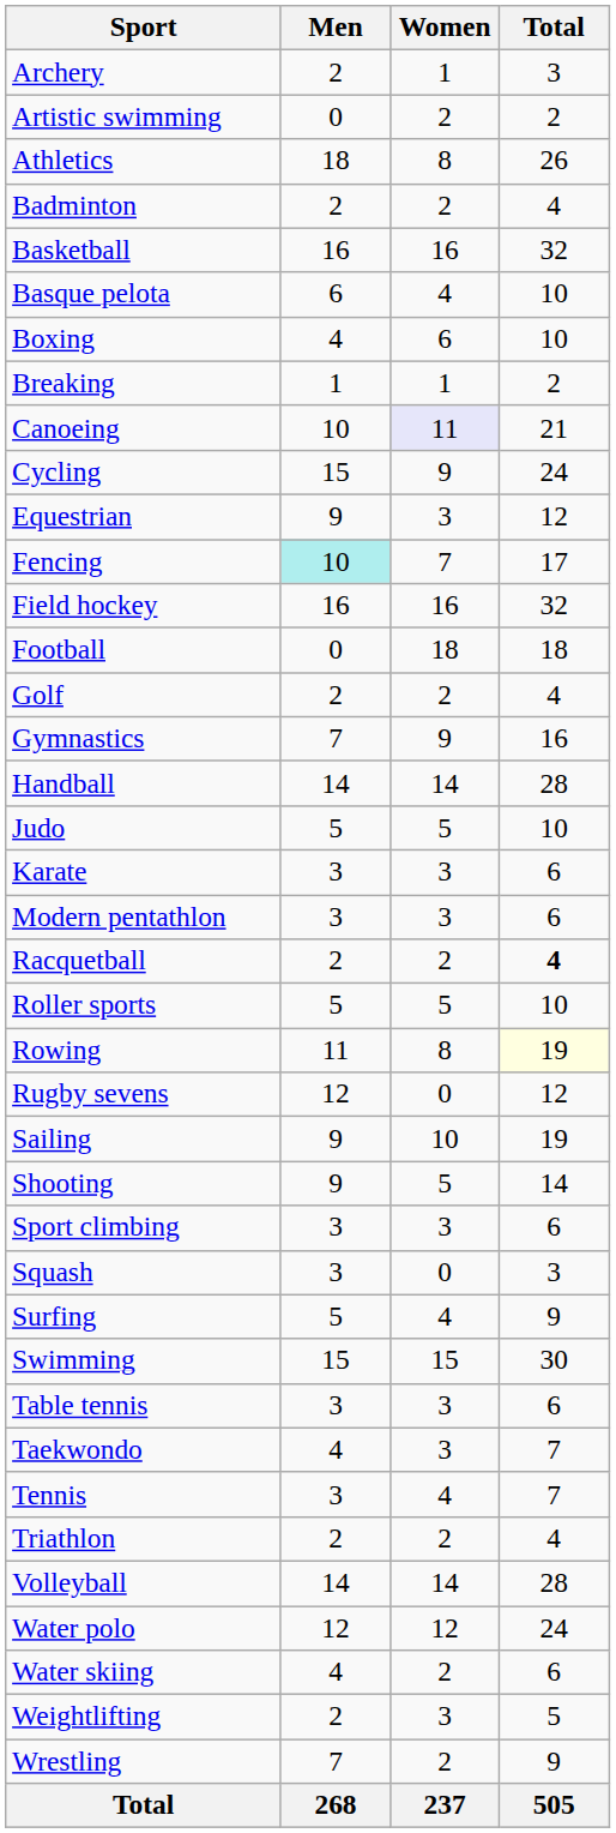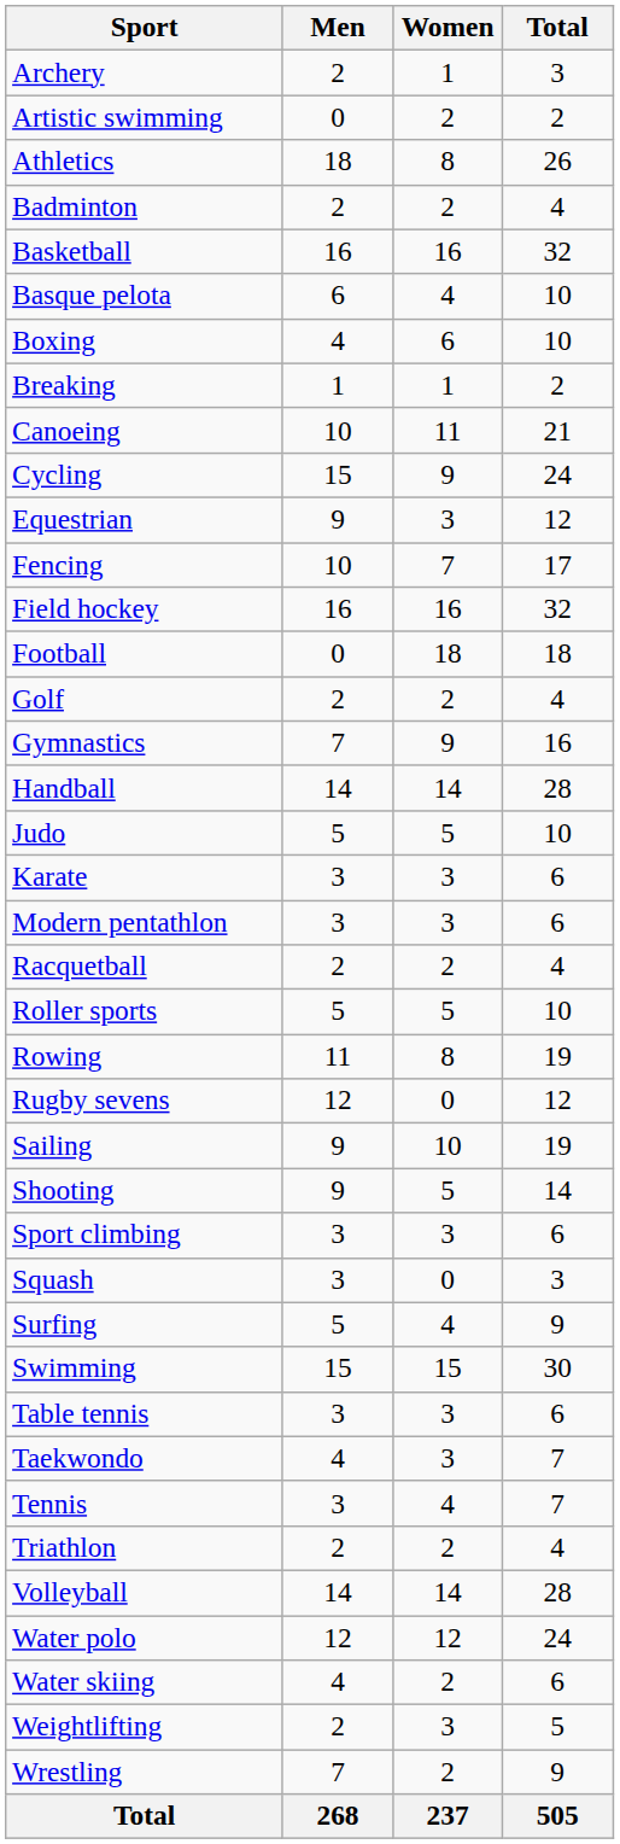 <table class="wikitable sortable" style="text-align:center;">
 <tr>
 <th width=150>Sport</th>
 <th width=55>Men</th>
 <th width=55>Women</th>
 <th width=55>Total</th>
 </tr>
 <tr>
 <td align=left><a href='#'>Archery</a></td>
 <td>2</td>
 <td>1</td>
 <td>3</td>
 </tr>
 <tr>
 <td align=left><a href='#'>Artistic swimming</a></td>
 <td>0</td>
 <td>2</td>
 <td>2</td>
 </tr>
 <tr>
 <td align=left><a href='#'>Athletics</a></td>
 <td>18</td>
 <td>8</td>
 <td>26</td>
 </tr>
 <tr>
 <td align=left><a href='#'>Badminton</a></td>
 <td>2</td>
 <td>2</td>
 <td>4</td>
 </tr>
 <tr>
 <td align=left><a href='#'>Basketball</a></td>
 <td>16</td>
 <td>16</td>
 <td>32</td>
 </tr>
 <tr>
 <td align=left><a href='#'>Basque pelota</a></td>
 <td>6</td>
 <td>4</td>
 <td>10</td>
 </tr>
 <tr>
 <td align=left><a href='#'>Boxing</a></td>
 <td>4</td>
 <td>6</td>
 <td>10</td>
 </tr>
 <tr>
 <td align=left><a href='#'>Breaking</a></td>
 <td>1</td>
 <td>1</td>
 <td>2</td>
 </tr>
 <tr>
 <td align=left><a href='#'>Canoeing</a></td>
 <td>10</td>
-<td style="background: lavender;">11</td>
+<td>11</td>
 <td>21</td>
 </tr>
 <tr>
 <td align=left><a href='#'>Cycling</a></td>
 <td>15</td>
 <td>9</td>
 <td>24</td>
 </tr>
 <tr>
 <td align=left><a href='#'>Equestrian</a></td>
 <td>9</td>
 <td>3</td>
 <td>12</td>
 </tr>
 <tr>
 <td align=left><a href='#'>Fencing</a></td>
-<td style="background: paleturquoise;">10</td>
+<td>10</td>
 <td>7</td>
 <td>17</td>
 </tr>
 <tr>
 <td align=left><a href='#'>Field hockey</a></td>
 <td>16</td>
 <td>16</td>
 <td>32</td>
 </tr>
 <tr>
 <td align=left><a href='#'>Football</a></td>
 <td>0</td>
 <td>18</td>
 <td>18</td>
 </tr>
 <tr>
 <td align=left><a href='#'>Golf</a></td>
 <td>2</td>
 <td>2</td>
 <td>4</td>
 </tr>
 <tr>
 <td align=left><a href='#'>Gymnastics</a></td>
 <td>7</td>
 <td>9</td>
 <td>16</td>
 </tr>
 <tr>
 <td align=left><a href='#'>Handball</a></td>
 <td>14</td>
 <td>14</td>
 <td>28</td>
 </tr>
 <tr>
 <td align=left><a href='#'>Judo</a></td>
 <td>5</td>
 <td>5</td>
 <td>10</td>
 </tr>
 <tr>
 <td align=left><a href='#'>Karate</a></td>
 <td>3</td>
 <td>3</td>
 <td>6</td>
 </tr>
 <tr>
 <td align=left><a href='#'>Modern pentathlon</a></td>
 <td>3</td>
 <td>3</td>
 <td>6</td>
 </tr>
 <tr>
 <td align=left><a href='#'>Racquetball</a></td>
 <td>2</td>
 <td>2</td>
-<td><strong>4</strong></td>
+<td>4</td>
 </tr>
 <tr>
 <td align=left><a href='#'>Roller sports</a></td>
 <td>5</td>
 <td>5</td>
 <td>10</td>
 </tr>
 <tr>
 <td align=left><a href='#'>Rowing</a></td>
 <td>11</td>
 <td>8</td>
-<td style="background: lightyellow;">19</td>
+<td>19</td>
 </tr>
 <tr>
 <td align=left><a href='#'>Rugby sevens</a></td>
 <td>12</td>
 <td>0</td>
 <td>12</td>
 </tr>
 <tr>
 <td align=left><a href='#'>Sailing</a></td>
 <td>9</td>
 <td>10</td>
 <td>19</td>
 </tr>
 <tr>
 <td align=left><a href='#'>Shooting</a></td>
 <td>9</td>
 <td>5</td>
 <td>14</td>
 </tr>
 <tr>
 <td align=left><a href='#'>Sport climbing</a></td>
 <td>3</td>
 <td>3</td>
 <td>6</td>
 </tr>
 <tr>
 <td align=left><a href='#'>Squash</a></td>
 <td>3</td>
 <td>0</td>
 <td>3</td>
 </tr>
 <tr>
 <td align=left><a href='#'>Surfing</a></td>
 <td>5</td>
 <td>4</td>
 <td>9</td>
 </tr>
 <tr>
 <td align=left><a href='#'>Swimming</a></td>
 <td>15</td>
 <td>15</td>
 <td>30</td>
 </tr>
 <tr>
 <td align=left><a href='#'>Table tennis</a></td>
 <td>3</td>
 <td>3</td>
 <td>6</td>
 </tr>
 <tr>
 <td align=left><a href='#'>Taekwondo</a></td>
 <td>4</td>
 <td>3</td>
 <td>7</td>
 </tr>
 <tr>
 <td align=left><a href='#'>Tennis</a></td>
 <td>3</td>
 <td>4</td>
 <td>7</td>
 </tr>
 <tr>
 <td align=left><a href='#'>Triathlon</a></td>
 <td>2</td>
 <td>2</td>
 <td>4</td>
 </tr>
 <tr>
 <td align=left><a href='#'>Volleyball</a></td>
 <td>14</td>
 <td>14</td>
 <td>28</td>
 </tr>
 <tr>
 <td align=left><a href='#'>Water polo</a></td>
 <td>12</td>
 <td>12</td>
 <td>24</td>
 </tr>
 <tr>
 <td align=left><a href='#'>Water skiing</a></td>
 <td>4</td>
 <td>2</td>
 <td>6</td>
 </tr>
 <tr>
 <td align=left><a href='#'>Weightlifting</a></td>
 <td>2</td>
 <td>3</td>
 <td>5</td>
 </tr>
 <tr>
 <td align=left><a href='#'>Wrestling</a></td>
 <td>7</td>
 <td>2</td>
 <td>9</td>
 </tr>
 <tr>
 <th>Total</th>
 <th>268</th>
 <th>237</th>
 <th>505</th>
 </tr>
 </table>
